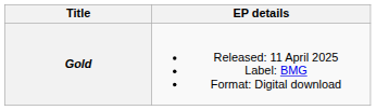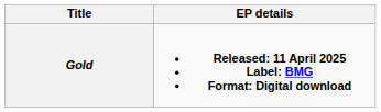 <table class="wikitable plainrowheaders" style="text-align:center;">
 <tr>
 <th scope="col" style="width:12em;">Title</th>
 <th scope="col" style="width:18em;">EP details</th>
 </tr>
 <tr>
 <th scope="row"><em>Gold</em></th>
-<td><br><ul><li>Released: 11 April 2025</li><li>Label: <a href='#'>BMG</a></li><li>Format: Digital download</li></ul></td>
+<td><strong><br><ul><li>Released: 11 April 2025</li><li>Label: <a href='#'>BMG</a></li><li>Format: Digital download</li></ul></strong></td>
 </tr>
 </table>
